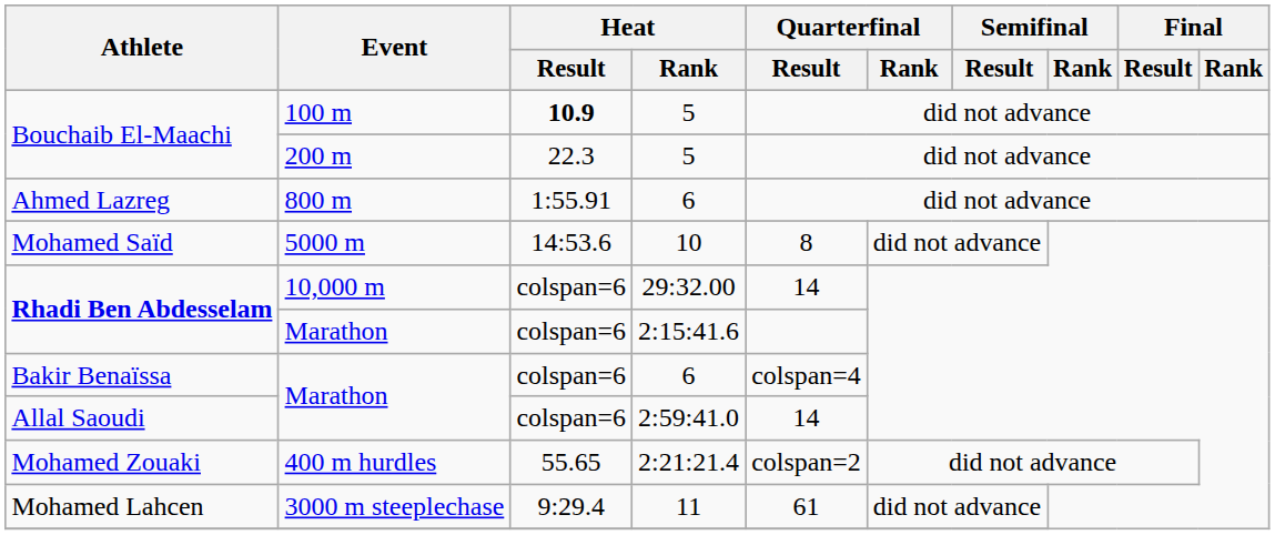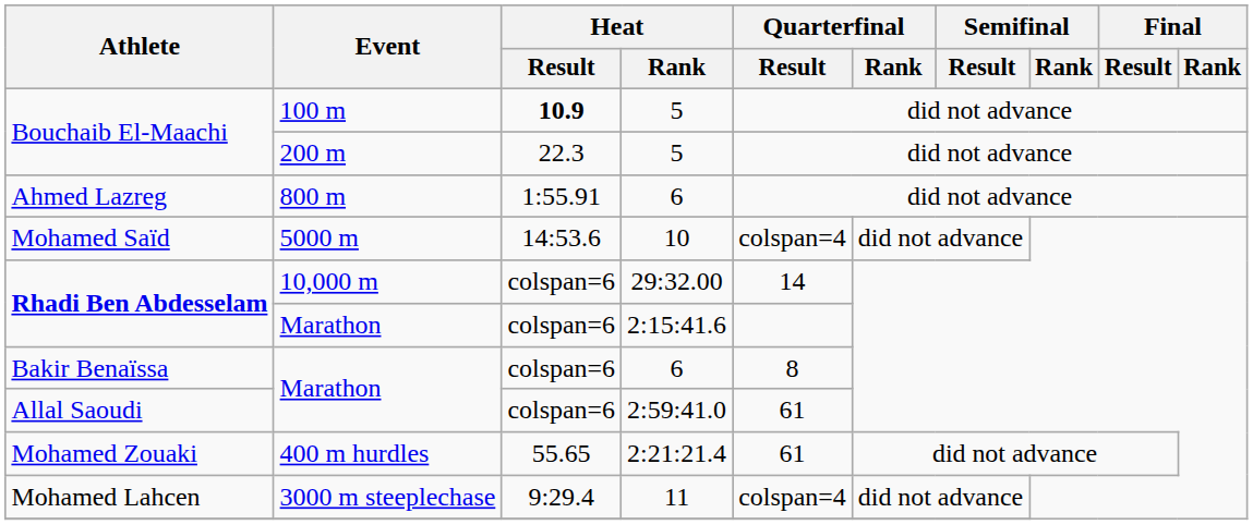 <table class="wikitable" style="font-size:90%">
 <tr>
 <th rowspan="2">Athlete</th>
 <th rowspan="2">Event</th>
 <th colspan="2">Heat</th>
 <th colspan="2">Quarterfinal</th>
 <th colspan="2">Semifinal</th>
 <th colspan="2">Final</th>
 </tr>
 <tr style="font-size:95%">
 <th>Result</th>
 <th>Rank</th>
 <th>Result</th>
 <th>Rank</th>
 <th>Result</th>
 <th>Rank</th>
 <th>Result</th>
 <th>Rank</th>
 </tr>
 <tr align=center>
 <td align=left rowspan=2><a href='#'>Bouchaib El-Maachi</a></td>
 <td align=left><a href='#'>100 m</a></td>
 <td><strong>10.9</strong></td>
 <td>5</td>
 <td colspan=6>did not advance</td>
 </tr>
 <tr align=center>
 <td align=left><a href='#'>200 m</a></td>
 <td>22.3</td>
 <td>5</td>
 <td colspan=6>did not advance</td>
 </tr>
 <tr align=center>
 <td align=left><a href='#'>Ahmed Lazreg</a></td>
 <td align=left><a href='#'>800 m</a></td>
 <td>1:55.91</td>
 <td>6</td>
 <td colspan=6>did not advance</td>
 </tr>
 <tr align=center>
 <td align=left><a href='#'>Mohamed Saïd</a></td>
 <td align=left><a href='#'>5000 m</a></td>
 <td>14:53.6</td>
 <td>10</td>
-<td>8</td>
+<td>colspan=4 </td>
 <td colspan=2>did not advance</td>
 </tr>
 <tr align=center>
 <td align=left rowspan=2><strong><a href='#'>Rhadi Ben Abdesselam</a></strong></td>
 <td align=left><a href='#'>10,000 m</a></td>
 <td>colspan=6 </td>
 <td>29:32.00</td>
 <td>14</td>
 </tr>
 <tr align=center>
 <td align=left><a href='#'>Marathon</a></td>
 <td>colspan=6 </td>
 <td>2:15:41.6</td>
 <td></td>
 </tr>
 <tr align=center>
 <td align=left><a href='#'>Bakir Benaïssa</a></td>
 <td align=left rowspan=2><a href='#'>Marathon</a></td>
 <td>colspan=6 </td>
 <td>6</td>
-<td>colspan=4 </td>
+<td>8</td>
 </tr>
 <tr align=center>
 <td align=left><a href='#'>Allal Saoudi</a></td>
 <td>colspan=6 </td>
 <td>2:59:41.0</td>
-<td>14</td>
+<td>61</td>
 </tr>
 <tr align=center>
 <td align=left><a href='#'>Mohamed Zouaki</a></td>
 <td align=left><a href='#'>400 m hurdles</a></td>
 <td>55.65</td>
 <td>2:21:21.4</td>
-<td>colspan=2 </td>
+<td>61</td>
 <td colspan=4>did not advance</td>
 </tr>
 <tr align=center>
 <td align=left>Mohamed Lahcen</td>
 <td align=left><a href='#'>3000 m steeplechase</a></td>
 <td>9:29.4</td>
 <td>11</td>
-<td>61</td>
+<td>colspan=4 </td>
 <td colspan=2>did not advance</td>
 </tr>
 <tr align=center>
 </tr>
 </table>
